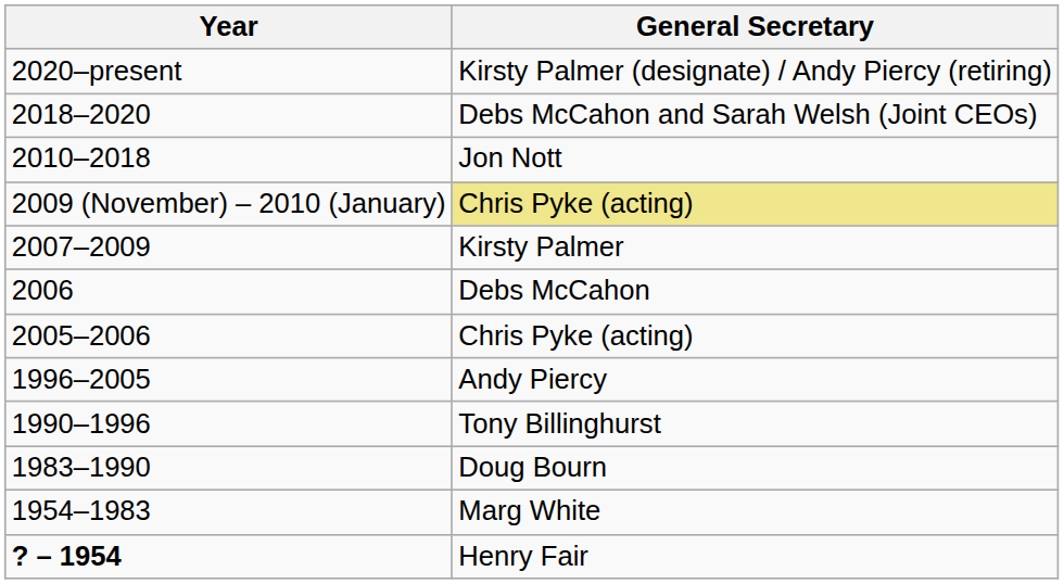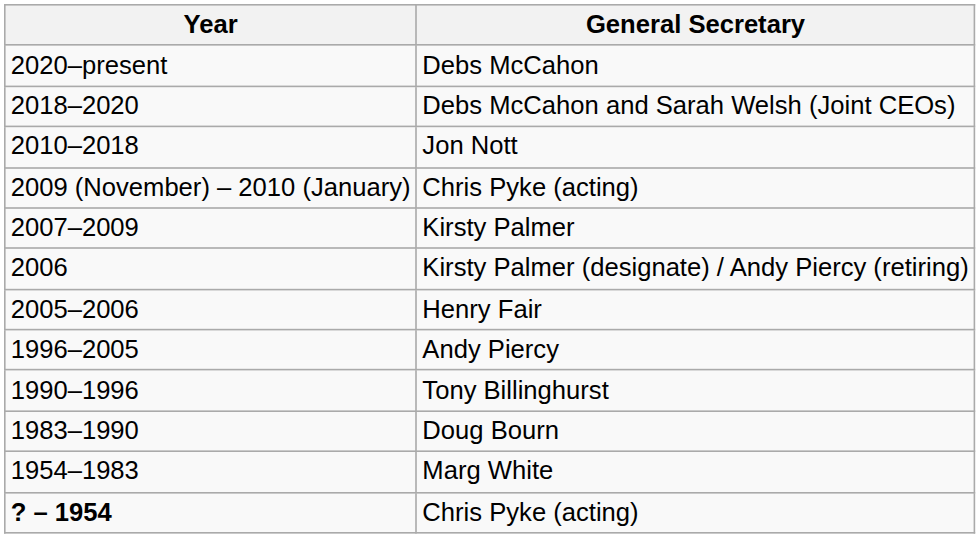 <table class="wikitable">
 <tr>
 <th>Year</th>
 <th>General Secretary</th>
 </tr>
 <tr>
 <td>2020–present</td>
-<td>Kirsty Palmer (designate) / Andy Piercy (retiring)</td>
+<td>Debs McCahon</td>
 </tr>
 <tr>
 <td>2018–2020</td>
 <td>Debs McCahon and Sarah Welsh (Joint CEOs)</td>
 </tr>
 <tr>
 <td>2010–2018</td>
 <td>Jon Nott</td>
 </tr>
 <tr>
 <td>2009 (November) – 2010 (January)</td>
-<td style="background: khaki;">Chris Pyke (acting)</td>
+<td>Chris Pyke (acting)</td>
 </tr>
 <tr>
 <td>2007–2009</td>
 <td>Kirsty Palmer</td>
 </tr>
 <tr>
 <td>2006</td>
-<td>Debs McCahon</td>
+<td>Kirsty Palmer (designate) / Andy Piercy (retiring)</td>
 </tr>
 <tr>
 <td>2005–2006</td>
-<td>Chris Pyke (acting)</td>
+<td>Henry Fair</td>
 </tr>
 <tr>
 <td>1996–2005</td>
 <td>Andy Piercy</td>
 </tr>
 <tr>
 <td>1990–1996</td>
 <td>Tony Billinghurst</td>
 </tr>
 <tr>
 <td>1983–1990</td>
 <td>Doug Bourn</td>
 </tr>
 <tr>
 <td>1954–1983</td>
 <td>Marg White</td>
 </tr>
 <tr>
 <td><strong>? – 1954</strong></td>
-<td>Henry Fair</td>
+<td>Chris Pyke (acting)</td>
 </tr>
 </table>
